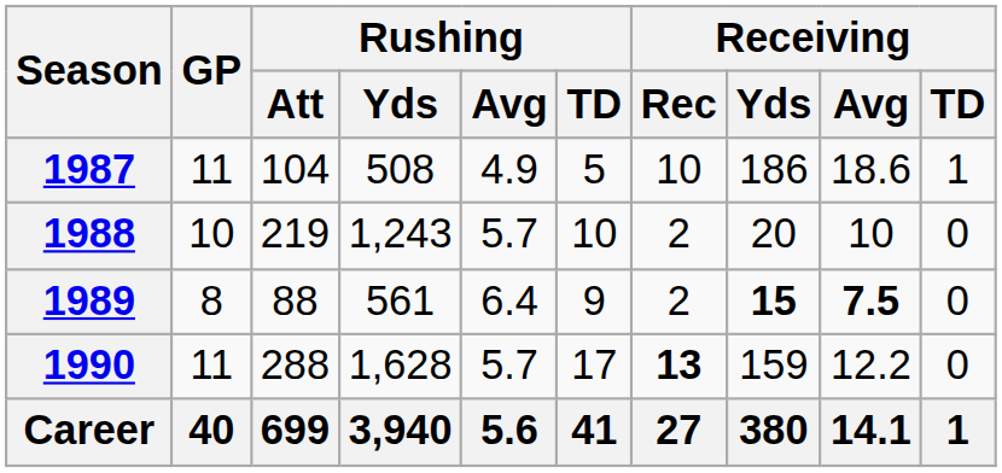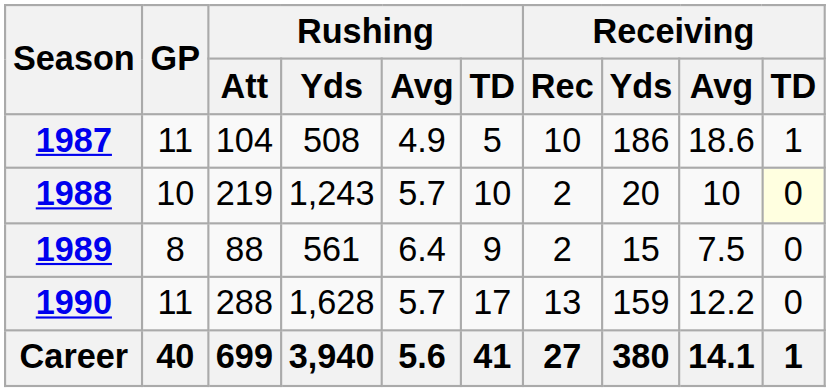 <table class="wikitable" style="text-align:center;">
 <tr>
 <th rowspan="2">Season</th>
 <th rowspan="2">GP</th>
 <th colspan="4">Rushing</th>
 <th colspan="4">Receiving</th>
 </tr>
 <tr>
 <th>Att</th>
 <th>Yds</th>
 <th>Avg</th>
 <th>TD</th>
 <th>Rec</th>
 <th>Yds</th>
 <th>Avg</th>
 <th>TD</th>
 </tr>
 <tr>
 <th><a href='#'>1987</a></th>
 <td>11</td>
 <td>104</td>
 <td>508</td>
 <td>4.9</td>
 <td>5</td>
 <td>10</td>
 <td>186</td>
 <td>18.6</td>
 <td>1</td>
 </tr>
 <tr>
 <th><a href='#'>1988</a></th>
 <td>10</td>
 <td>219</td>
 <td>1,243</td>
 <td>5.7</td>
 <td>10</td>
 <td>2</td>
 <td>20</td>
 <td>10</td>
-<td>0</td>
+<td style="background: lightyellow;">0</td>
 </tr>
 <tr>
 <th><a href='#'>1989</a></th>
 <td>8</td>
 <td>88</td>
 <td>561</td>
 <td>6.4</td>
 <td>9</td>
 <td>2</td>
-<td><strong>15</strong></td>
-<td><strong>7.5</strong></td>
+<td>15</td>
+<td>7.5</td>
 <td>0</td>
 </tr>
 <tr>
 <th><a href='#'>1990</a></th>
 <td>11</td>
 <td>288</td>
 <td>1,628</td>
 <td>5.7</td>
 <td>17</td>
-<td><strong>13</strong></td>
+<td>13</td>
 <td>159</td>
 <td>12.2</td>
 <td>0</td>
 </tr>
 <tr>
 <th>Career</th>
 <th>40</th>
 <th>699</th>
 <th>3,940</th>
 <th>5.6</th>
 <th>41</th>
 <th>27</th>
 <th>380</th>
 <th>14.1</th>
 <th>1</th>
 </tr>
 </table>
